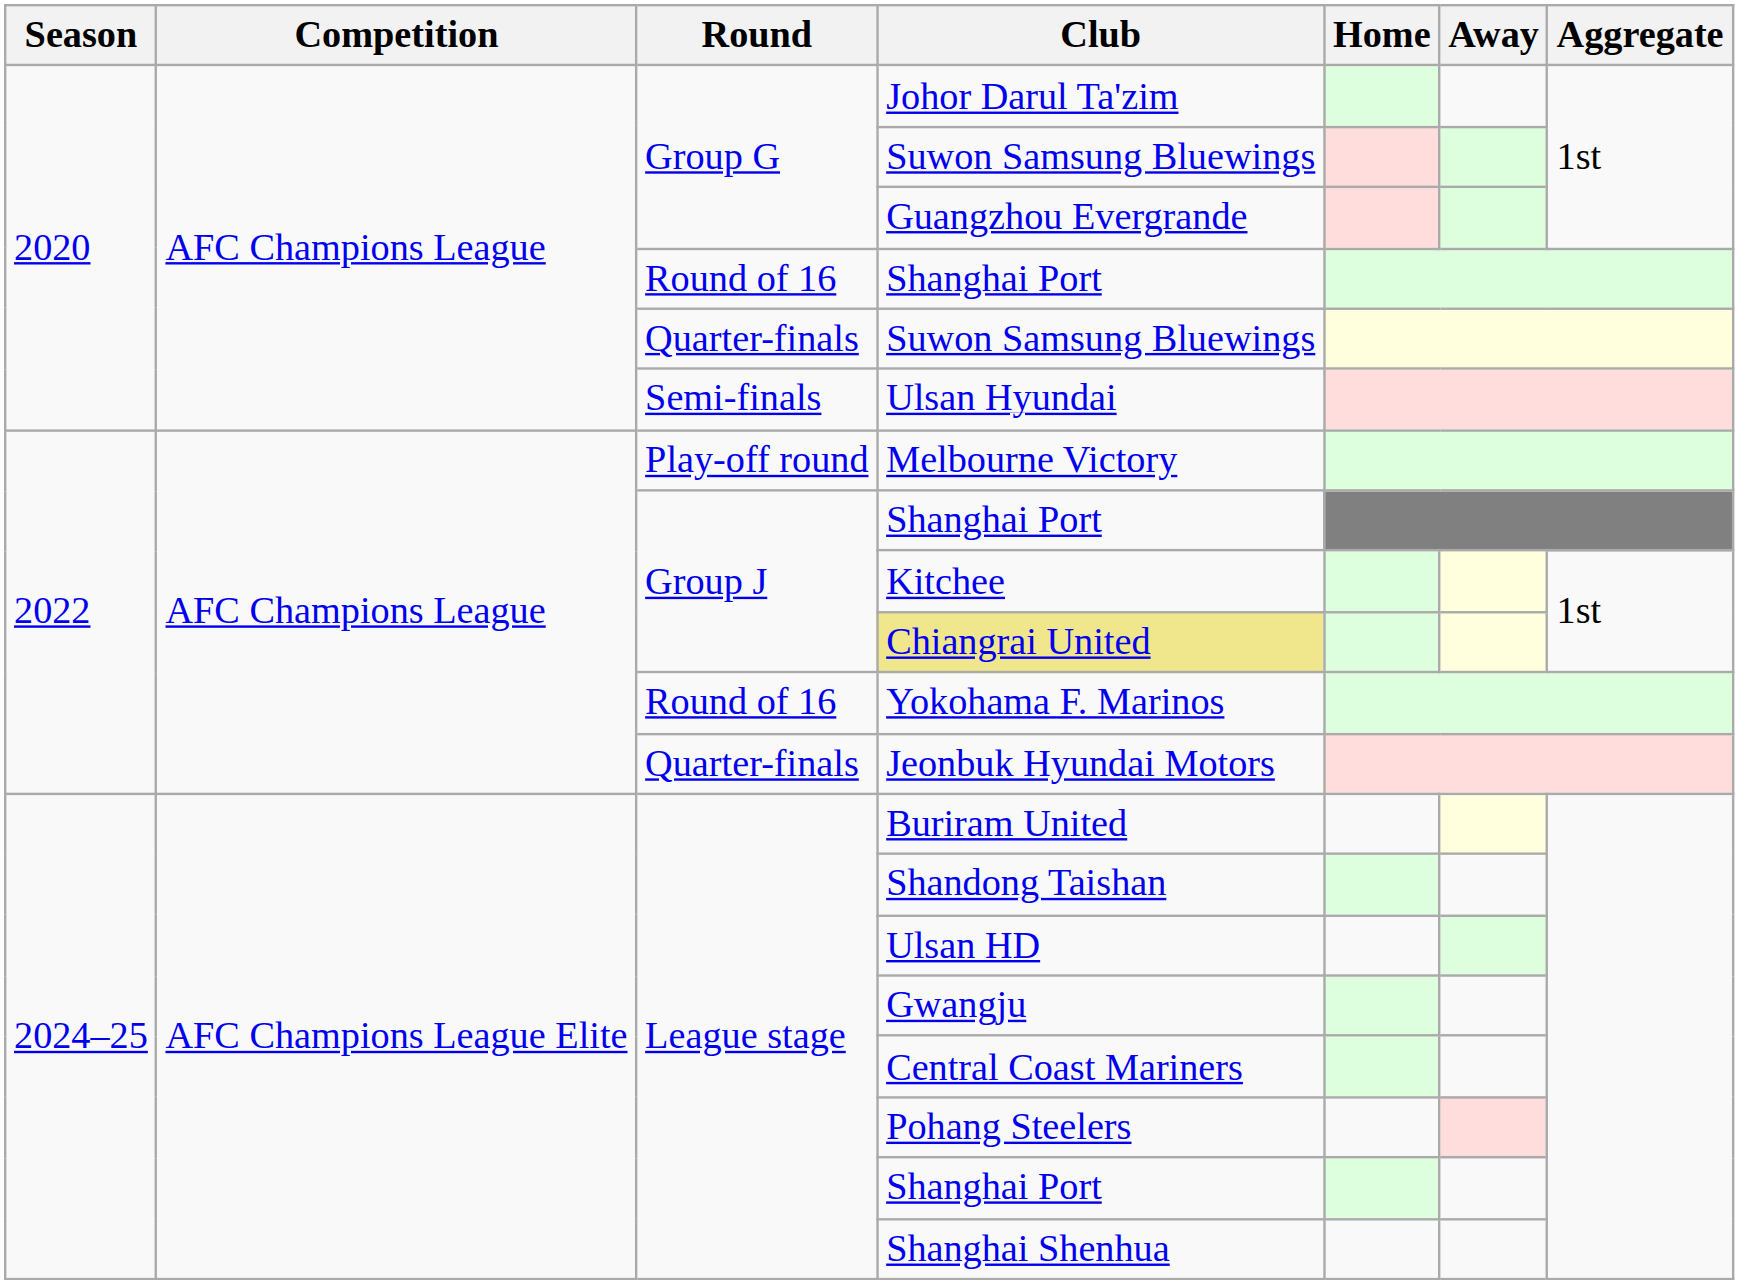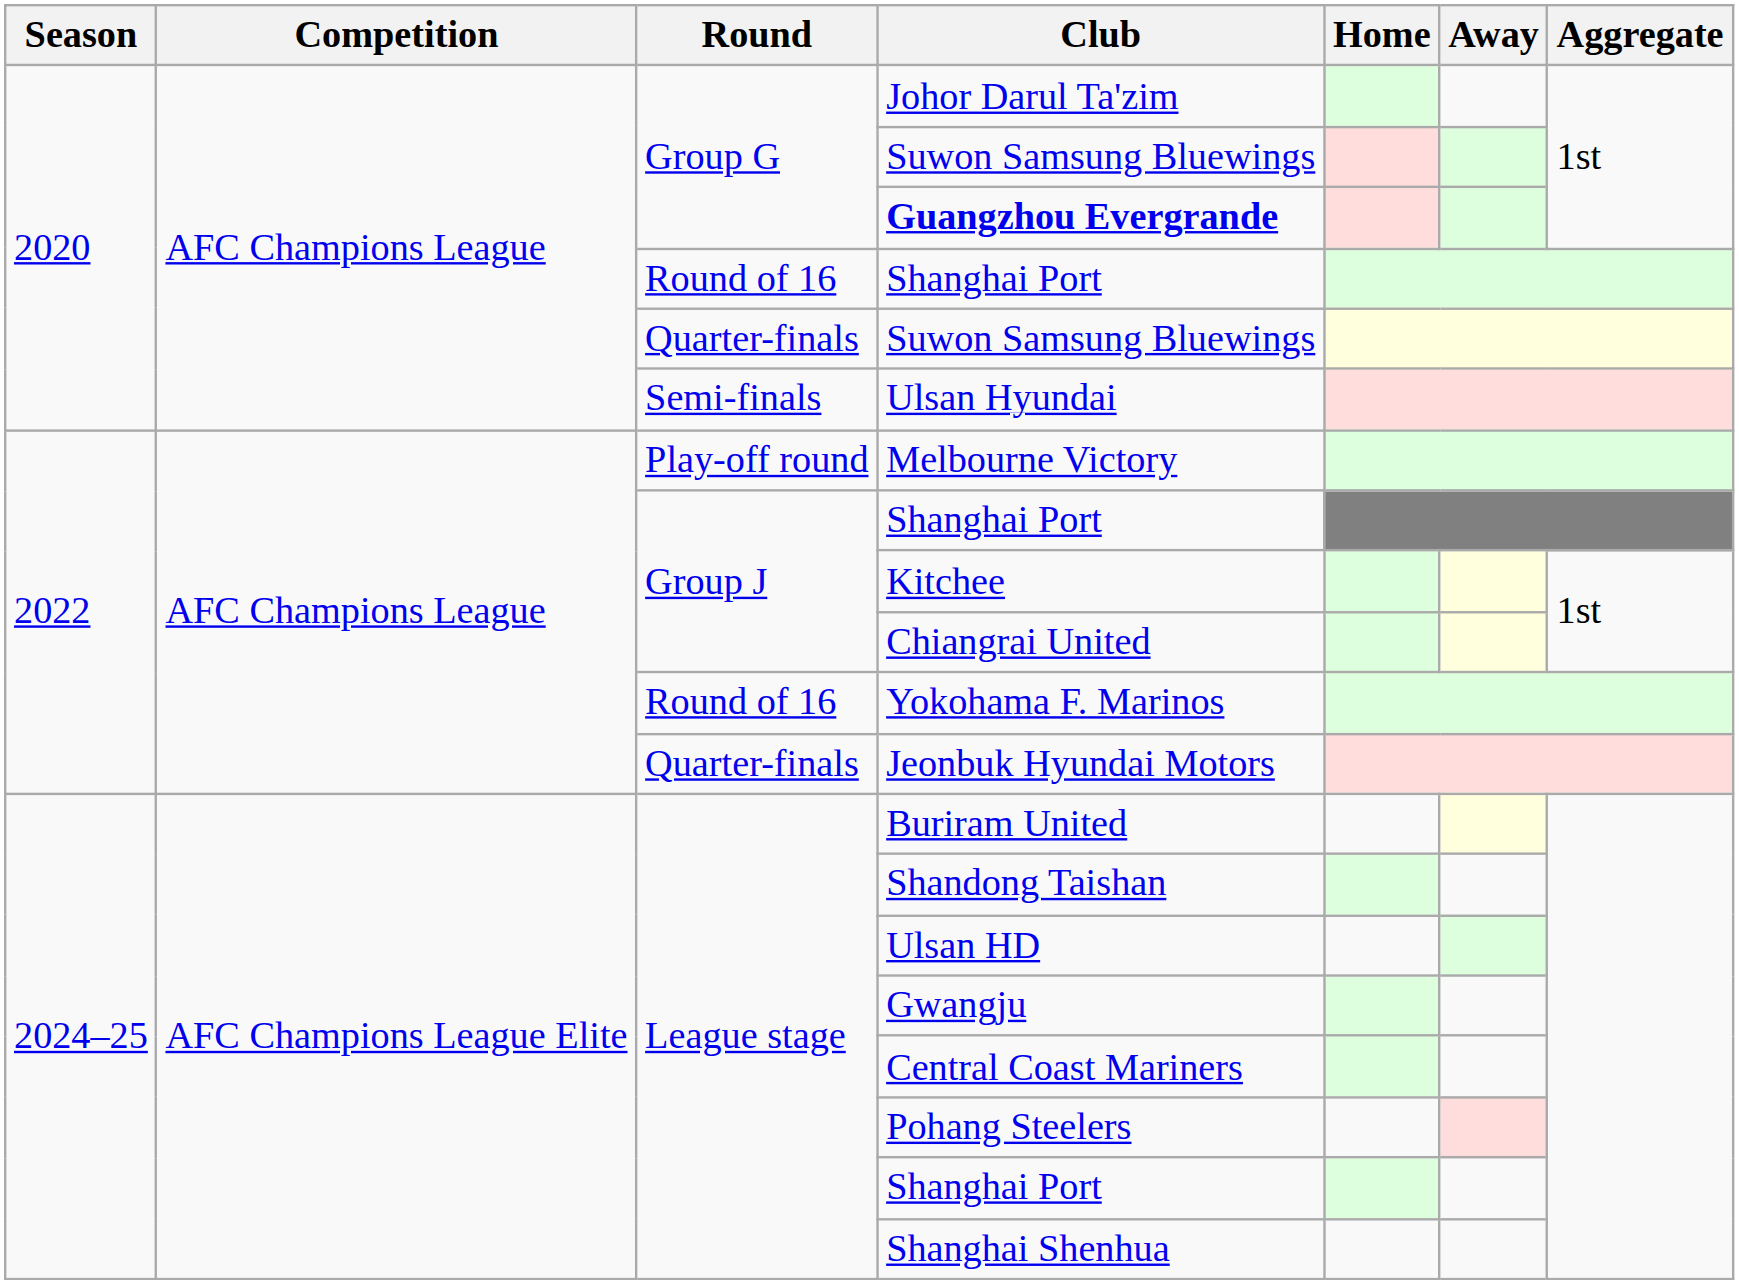 <table class="wikitable">
 <tr>
 <th>Season</th>
 <th>Competition</th>
 <th>Round</th>
 <th>Club</th>
 <th>Home</th>
 <th>Away</th>
 <th>Aggregate</th>
 </tr>
 <tr>
 <td rowspan="6"><a href='#'>2020</a></td>
 <td rowspan="6"><a href='#'>AFC Champions League</a></td>
 <td rowspan="3"><a href='#'>Group G</a></td>
 <td> <a href='#'>Johor Darul Ta'zim</a></td>
 <td style="background:#dfd;"></td>
 <td></td>
 <td rowspan="3">1st</td>
 </tr>
 <tr>
 <td> <a href='#'>Suwon Samsung Bluewings</a></td>
 <td style="background:#fdd;"></td>
 <td style="background:#dfd;"></td>
 </tr>
 <tr>
-<td> <a href='#'>Guangzhou Evergrande</a></td>
+<td><strong> <a href='#'>Guangzhou Evergrande</a></strong></td>
 <td style="background:#fdd;"></td>
 <td style="background:#dfd;"></td>
 </tr>
 <tr>
 <td><a href='#'>Round of 16</a></td>
 <td> <a href='#'>Shanghai Port</a></td>
 <td colspan="3" style="background:#dfd;"></td>
 </tr>
 <tr>
 <td><a href='#'>Quarter-finals</a></td>
 <td> <a href='#'>Suwon Samsung Bluewings</a></td>
 <td colspan="3" style="background:#ffd;"></td>
 </tr>
 <tr>
 <td><a href='#'>Semi-finals</a></td>
 <td> <a href='#'>Ulsan Hyundai</a></td>
 <td colspan="3" style="background:#fdd;"></td>
 </tr>
 <tr>
 <td rowspan="6"><a href='#'>2022</a></td>
 <td rowspan="6"><a href='#'>AFC Champions League</a></td>
 <td rowspan="1"><a href='#'>Play-off round</a></td>
 <td> <a href='#'>Melbourne Victory</a></td>
 <td colspan="3" style="background:#dfd;"></td>
 </tr>
 <tr>
 <td rowspan="3"><a href='#'>Group J</a></td>
 <td> <a href='#'>Shanghai Port</a></td>
 <td colspan="3" bgcolor="gray"></td>
 </tr>
 <tr>
 <td> <a href='#'>Kitchee</a></td>
 <td style="background:#dfd;"></td>
 <td style="background:#ffd;"></td>
 <td rowspan="2">1st</td>
 </tr>
 <tr>
-<td style="background: khaki;"> <a href='#'>Chiangrai United</a></td>
+<td> <a href='#'>Chiangrai United</a></td>
 <td style="background:#dfd;"></td>
 <td style="background:#ffd;"></td>
 </tr>
 <tr>
 <td><a href='#'>Round of 16</a></td>
 <td> <a href='#'>Yokohama F. Marinos</a></td>
 <td colspan="3" style="background:#dfd;"></td>
 </tr>
 <tr>
 <td><a href='#'>Quarter-finals</a></td>
 <td> <a href='#'>Jeonbuk Hyundai Motors</a></td>
 <td colspan="3" style="background:#fdd;"></td>
 </tr>
 <tr>
 <td rowspan="8"><a href='#'>2024–25</a></td>
 <td rowspan="8"><a href='#'>AFC Champions League Elite</a></td>
 <td rowspan="8"><a href='#'>League stage</a></td>
 <td> <a href='#'>Buriram United</a></td>
 <td></td>
 <td style="background:#ffd;"></td>
 <td rowspan="8"></td>
 </tr>
 <tr>
 <td> <a href='#'>Shandong Taishan</a></td>
 <td style="background:#dfd;"></td>
 <td></td>
 </tr>
 <tr>
 <td> <a href='#'>Ulsan HD</a></td>
 <td></td>
 <td style="background:#dfd;"></td>
 </tr>
 <tr>
 <td> <a href='#'>Gwangju</a></td>
 <td style="background:#dfd;"></td>
 <td></td>
 </tr>
 <tr>
 <td> <a href='#'>Central Coast Mariners</a></td>
 <td style="background:#dfd;"></td>
 <td></td>
 </tr>
 <tr>
 <td> <a href='#'>Pohang Steelers</a></td>
 <td></td>
 <td style="background:#fdd;"></td>
 </tr>
 <tr>
 <td> <a href='#'>Shanghai Port</a></td>
 <td style="background:#dfd;"></td>
 <td></td>
 </tr>
 <tr>
 <td> <a href='#'>Shanghai Shenhua</a></td>
 <td></td>
 <td></td>
 </tr>
 </table>
